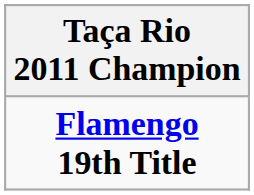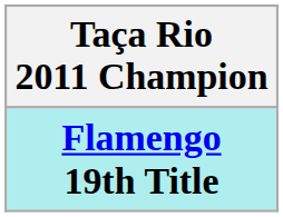 <table class="wikitable" style="text-align: center; margin: 0 auto;">
 <tr>
 <th>Taça Rio<br>2011 Champion</th>
 </tr>
 <tr>
-<td><strong><a href='#'>Flamengo</a></strong><br><strong>19th Title</strong></td>
+<td style="background: paleturquoise;"><strong><a href='#'>Flamengo</a></strong><br><strong>19th Title</strong></td>
 </tr>
 </table>
